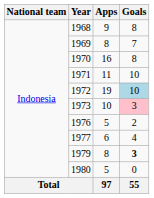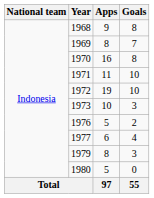 <table class="wikitable" style="text-align:center">
 <tr>
 <th>National team</th>
 <th>Year</th>
 <th>Apps</th>
 <th>Goals</th>
 </tr>
 <tr>
 <td rowspan=10><a href='#'>Indonesia</a></td>
 <td>1968</td>
 <td>9</td>
 <td>8</td>
 </tr>
 <tr>
 <td>1969</td>
 <td>8</td>
 <td>7</td>
 </tr>
 <tr>
 <td>1970</td>
 <td>16</td>
 <td>8</td>
 </tr>
 <tr>
 <td>1971</td>
 <td>11</td>
 <td>10</td>
 </tr>
 <tr>
 <td>1972</td>
 <td>19</td>
-<td style="background: lightblue;">10</td>
+<td>10</td>
 </tr>
 <tr>
 <td>1973</td>
 <td>10</td>
-<td style="background: pink;">3</td>
+<td>3</td>
 </tr>
 <tr>
 <td>1976</td>
 <td>5</td>
 <td>2</td>
 </tr>
 <tr>
 <td>1977</td>
 <td>6</td>
 <td>4</td>
 </tr>
 <tr>
 <td>1979</td>
 <td>8</td>
-<td><strong>3</strong></td>
+<td>3</td>
 </tr>
 <tr>
 <td>1980</td>
 <td>5</td>
 <td>0</td>
 </tr>
 <tr>
 <th colspan=2>Total</th>
 <th>97</th>
 <th>55</th>
 </tr>
 </table>
